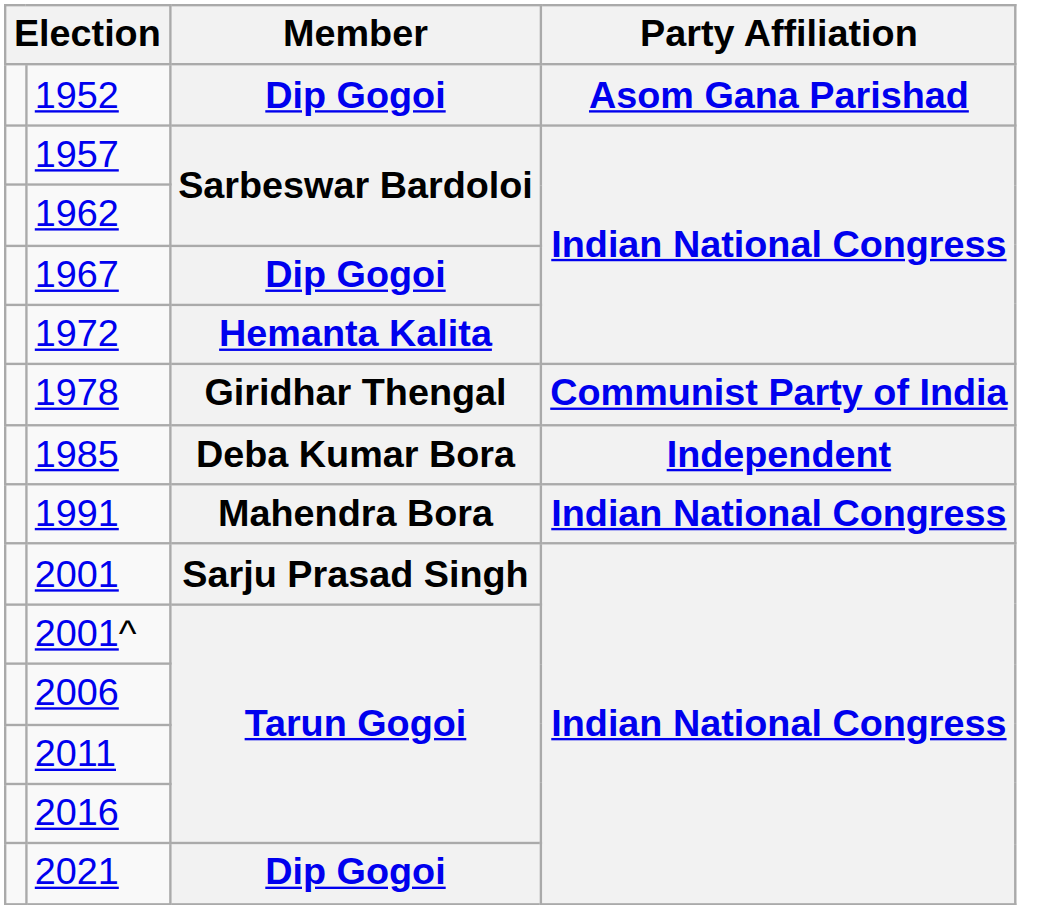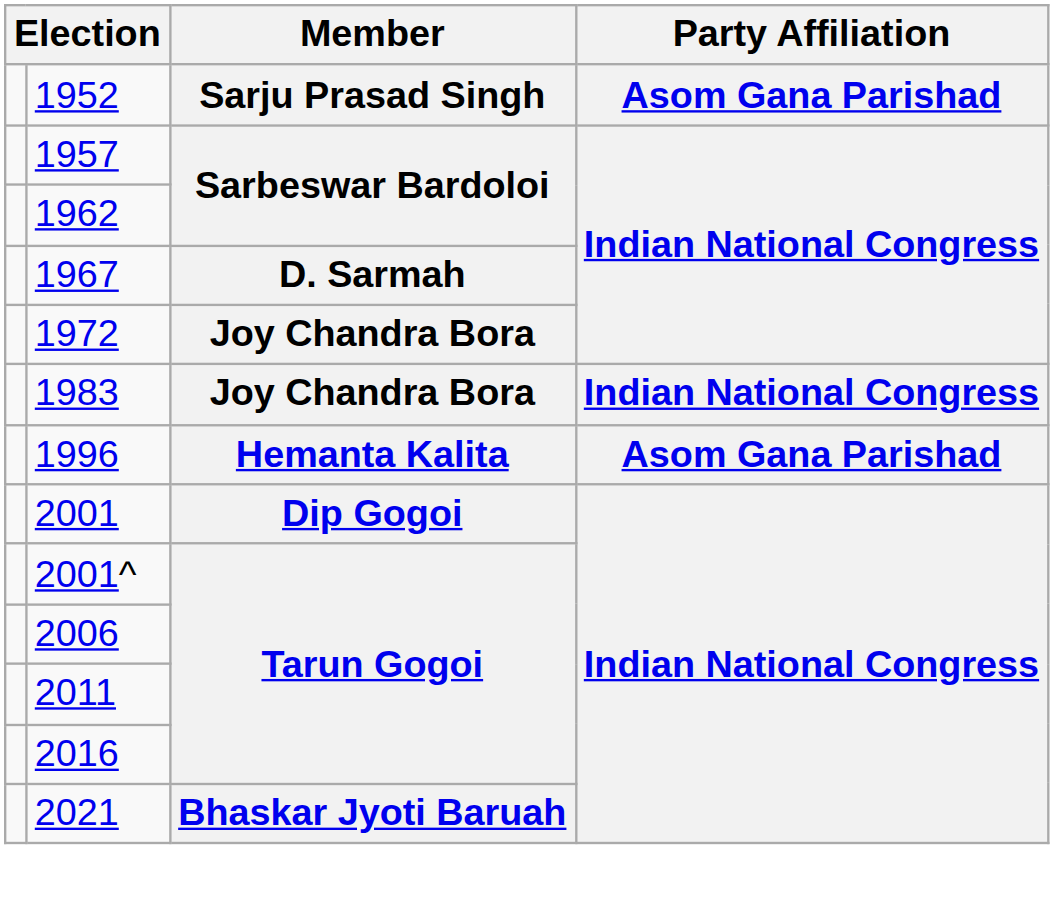 <table class="wikitable sortable">
 <tr>
 <th colspan="2">Election</th>
 <th>Member</th>
 <th>Party Affiliation</th>
 </tr>
 <tr>
 <td style="background-color: "></td>
 <td><a href='#'>1952</a></td>
-<th><a href='#'>Dip Gogoi</a></th>
+<th>Sarju Prasad Singh</th>
 <th><a href='#'>Asom Gana Parishad</a></th>
 </tr>
 <tr>
 <td style="background-color: "></td>
 <td><a href='#'>1957</a></td>
 <th rowspan="2">Sarbeswar Bardoloi</th>
 <th rowspan="4"><a href='#'>Indian National Congress</a></th>
 </tr>
 <tr>
 <td style="background-color: "></td>
 <td><a href='#'>1962</a></td>
 </tr>
 <tr>
 <td style="background-color: "></td>
 <td><a href='#'>1967</a></td>
-<th><a href='#'>Dip Gogoi</a></th>
+<th>D. Sarmah</th>
 </tr>
 <tr>
 <td style="background-color: "></td>
 <td><a href='#'>1972</a></td>
-<th><a href='#'>Hemanta Kalita</a></th>
+<th>Joy Chandra Bora</th>
 </tr>
 <tr>
 <td style="background-color: "></td>
-<td><a href='#'>1978</a></td>
-<th>Giridhar Thengal</th>
-<th><a href='#'>Communist Party of India</a></th>
-</tr>
-<tr>
-<td style="background-color: "></td>
-<td><a href='#'>1985</a></td>
-<th>Deba Kumar Bora</th>
-<th><a href='#'>Independent</a></th>
-</tr>
-<tr>
-<td style="background-color: "></td>
-<td><a href='#'>1991</a></td>
-<th>Mahendra Bora</th>
+<td><a href='#'>1983</a></td>
+<th>Joy Chandra Bora</th>
 <th><a href='#'>Indian National Congress</a></th>
 </tr>
 <tr>
 <td style="background-color: "></td>
+<td><a href='#'>1996</a></td>
+<th><a href='#'>Hemanta Kalita</a></th>
+<th><a href='#'>Asom Gana Parishad</a></th>
+</tr>
+<tr>
+<td style="background-color: "></td>
 <td><a href='#'>2001</a></td>
-<th>Sarju Prasad Singh</th>
+<th><a href='#'>Dip Gogoi</a></th>
 <th rowspan="6"><a href='#'>Indian National Congress</a></th>
 </tr>
 <tr>
 <td style="background-color: "></td>
 <td><a href='#'>2001</a>^</td>
 <th rowspan="4"><a href='#'>Tarun Gogoi</a></th>
 </tr>
 <tr>
 <td style="background-color: "></td>
 <td><a href='#'>2006</a></td>
 </tr>
 <tr>
 <td style="background-color: "></td>
 <td><a href='#'>2011</a></td>
 </tr>
 <tr>
 <td style="background-color: "></td>
 <td><a href='#'>2016</a></td>
 </tr>
 <tr>
 <td style="background-color: "></td>
 <td><a href='#'>2021</a></td>
-<th><a href='#'>Dip Gogoi</a></th>
+<th><a href='#'>Bhaskar Jyoti Baruah</a></th>
 </tr>
 </table>
